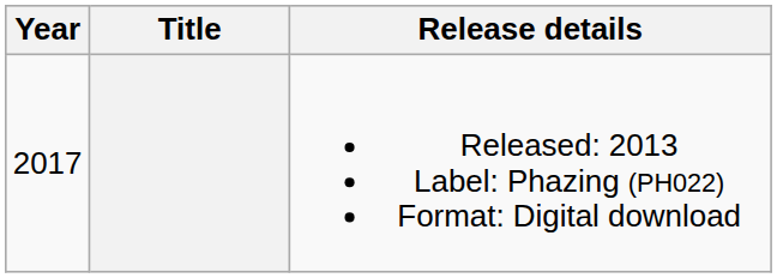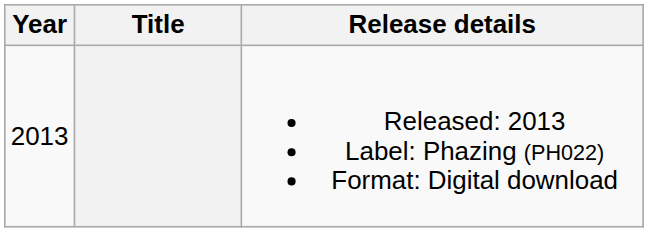 <table class="wikitable plainrowheaders" style="text-align:center;">
 <tr>
 <th rowspan="1;">Year</th>
 <th scope="col" rowspan="1" style="width:6em;">Title</th>
 <th scope="col" rowspan="1" style="width:15em;">Release details</th>
 </tr>
 <tr>
-<td>2017</td>
+<td>2013</td>
 <th></th>
 <td><br><ul><li>Released: 2013</li><li>Label: Phazing <small>(PH022)</small></li><li>Format: Digital download</li></ul></td>
 </tr>
 </table>
